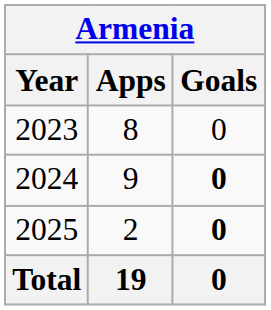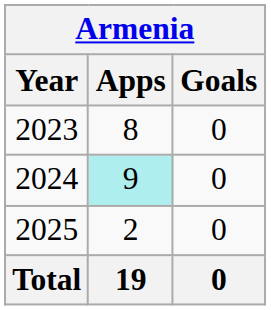 <table class="wikitable" style="text-align:center">
 <tr>
 <th colspan=5><a href='#'>Armenia</a></th>
 </tr>
 <tr>
 <th>Year</th>
 <th>Apps</th>
 <th>Goals</th>
 </tr>
 <tr>
 <td>2023</td>
 <td>8</td>
 <td>0</td>
 </tr>
 <tr>
 <td>2024</td>
-<td>9</td>
-<td><strong>0</strong></td>
+<td style="background: paleturquoise;">9</td>
+<td>0</td>
 </tr>
 <tr>
 <td>2025</td>
 <td>2</td>
-<td><strong>0</strong></td>
+<td>0</td>
 </tr>
 <tr>
 <th>Total</th>
 <th>19</th>
 <th>0</th>
 </tr>
 </table>
